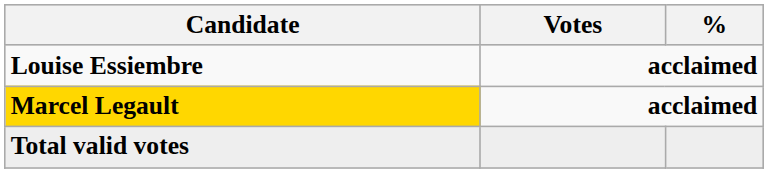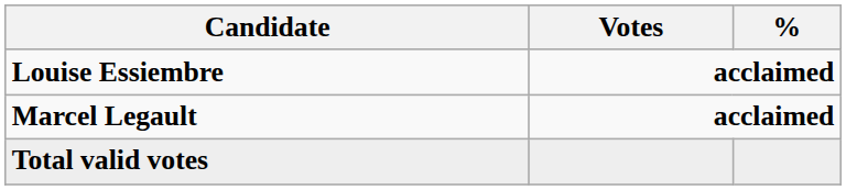 <table style="width:475px;" class="wikitable">
 <tr>
 <th align="center">Candidate</th>
 <th align="center">Votes</th>
 <th align="center">%</th>
 </tr>
 <tr>
 <td align="left"><strong>Louise Essiembre</strong></td>
 <td align="right" colspan="2"><strong>acclaimed</strong></td>
 </tr>
 <tr>
-<td align="left" style="background: gold;"><strong>Marcel Legault</strong></td>
+<td align="left"><strong>Marcel Legault</strong></td>
 <td align="right" colspan="2"><strong>acclaimed</strong></td>
 </tr>
 <tr bgcolor="#EEEEEE">
 <td align="left"><strong>Total valid votes</strong></td>
 <td align="right"></td>
 <td align="right"></td>
 </tr>
 </table>
